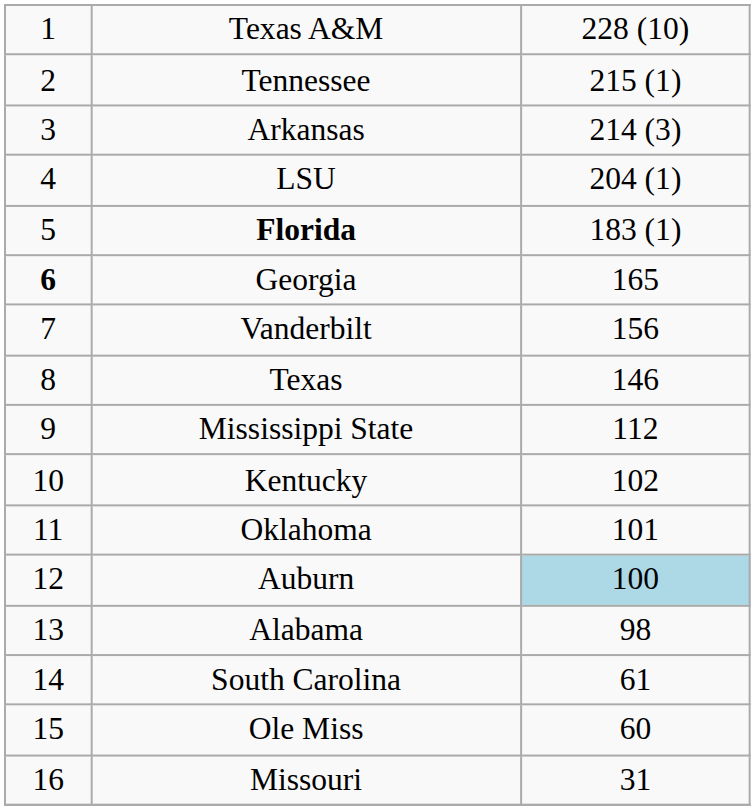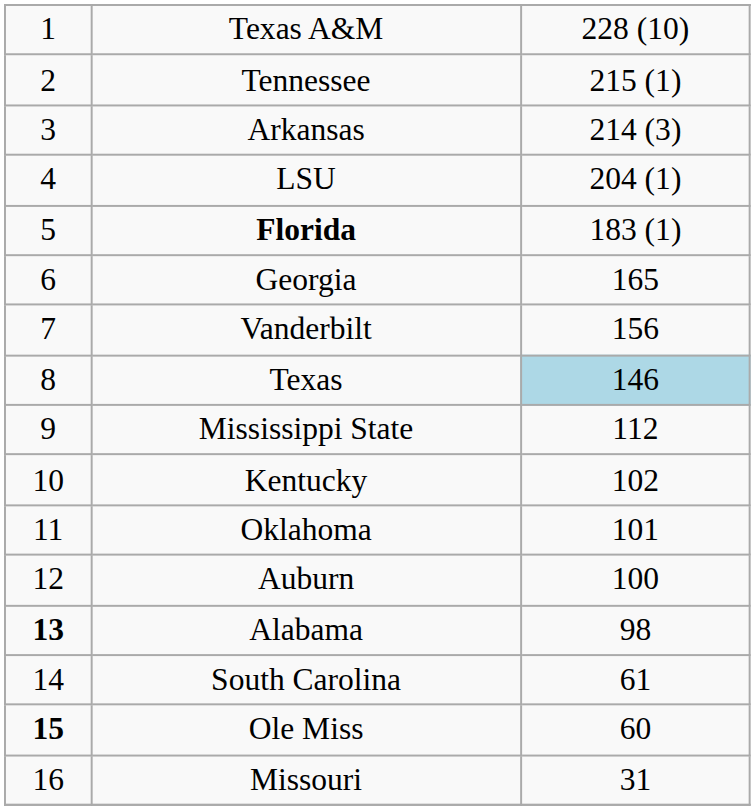 <table class="wikitable" style="width: 30%;text-align: center;">
 <tr align="center">
 </tr>
 <tr>
 <td>1</td>
 <td>Texas A&M</td>
 <td>228 (10)</td>
 </tr>
 <tr>
 <td>2</td>
 <td>Tennessee</td>
 <td>215 (1)</td>
 </tr>
 <tr>
 <td>3</td>
 <td>Arkansas</td>
 <td>214 (3)</td>
 </tr>
 <tr>
 <td>4</td>
 <td>LSU</td>
 <td>204 (1)</td>
 </tr>
 <tr>
 <td>5</td>
 <td><strong>Florida</strong></td>
 <td>183 (1)</td>
 </tr>
 <tr>
-<td><strong>6</strong></td>
+<td>6</td>
 <td>Georgia</td>
 <td>165</td>
 </tr>
 <tr>
 <td>7</td>
 <td>Vanderbilt</td>
 <td>156</td>
 </tr>
 <tr>
 <td>8</td>
 <td>Texas</td>
-<td>146</td>
+<td style="background: lightblue;">146</td>
 </tr>
 <tr>
 <td>9</td>
 <td>Mississippi State</td>
 <td>112</td>
 </tr>
 <tr>
 <td>10</td>
 <td>Kentucky</td>
 <td>102</td>
 </tr>
 <tr>
 <td>11</td>
 <td>Oklahoma</td>
 <td>101</td>
 </tr>
 <tr>
 <td>12</td>
 <td>Auburn</td>
-<td style="background: lightblue;">100</td>
+<td>100</td>
 </tr>
 <tr>
-<td>13</td>
+<td><strong>13</strong></td>
 <td>Alabama</td>
 <td>98</td>
 </tr>
 <tr>
 <td>14</td>
 <td>South Carolina</td>
 <td>61</td>
 </tr>
 <tr>
-<td>15</td>
+<td><strong>15</strong></td>
 <td>Ole Miss</td>
 <td>60</td>
 </tr>
 <tr>
 <td>16</td>
 <td>Missouri</td>
 <td>31</td>
 </tr>
 <tr>
 </tr>
 </table>
